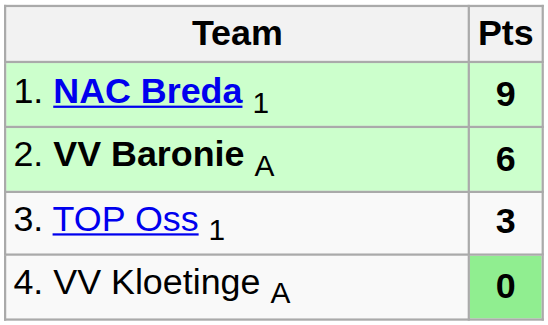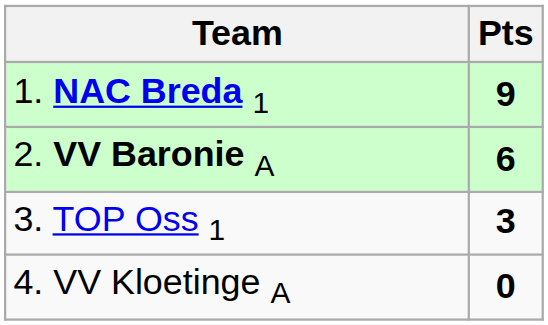 <table class="wikitable" style="text-align:center; float:left; margin-right:1em">
 <tr>
 <th style="width:200px">Team</th>
 <th width=20>Pts</th>
 </tr>
 <tr bgcolor=ccffcc>
 <td align=left>1. <strong><a href='#'>NAC Breda</a></strong> <sub>1</sub></td>
 <td><strong>9</strong></td>
 </tr>
 <tr bgcolor=ccffcc>
 <td align=left>2. <strong>VV Baronie</strong> <sub>A</sub></td>
 <td><strong>6</strong></td>
 </tr>
 <tr>
 <td align=left>3. <a href='#'>TOP Oss</a> <sub>1</sub></td>
 <td><strong>3</strong></td>
 </tr>
 <tr>
 <td align=left>4. VV Kloetinge <sub>A</sub></td>
-<td style="background: lightgreen;"><strong>0</strong></td>
+<td><strong>0</strong></td>
 </tr>
 </table>
